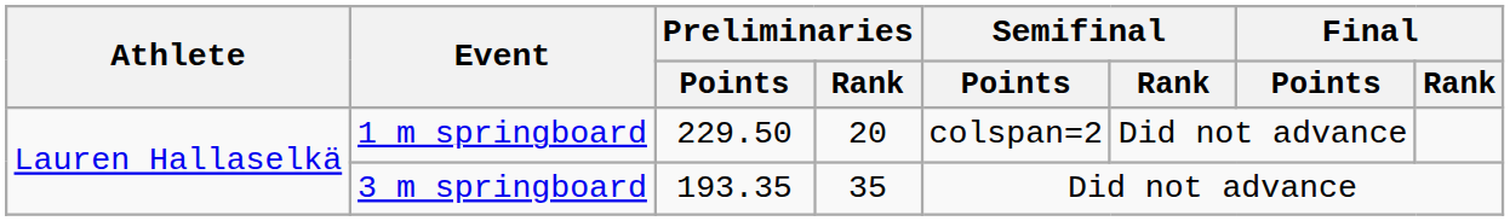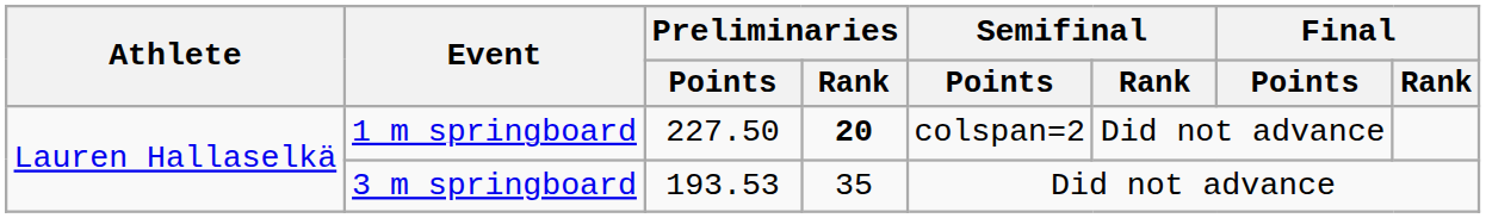 <table class="wikitable" style="text-align:center; font-size:90%;">
 <tr>
 <th rowspan=2>Athlete</th>
 <th rowspan=2>Event</th>
 <th colspan=2>Preliminaries</th>
 <th colspan=2>Semifinal</th>
 <th colspan=2>Final</th>
 </tr>
 <tr style="font-size:95%">
 <th>Points</th>
 <th>Rank</th>
 <th>Points</th>
 <th>Rank</th>
 <th>Points</th>
 <th>Rank</th>
 </tr>
 <tr>
 <td align=left rowspan=2><a href='#'>Lauren Hallaselkä</a></td>
 <td align=left><a href='#'>1 m springboard</a></td>
-<td>229.50</td>
-<td>20</td>
+<td>227.50</td>
+<td><strong>20</strong></td>
 <td>colspan=2 </td>
 <td colspan=2>Did not advance</td>
 </tr>
 <tr>
 <td align=left><a href='#'>3 m springboard</a></td>
-<td>193.35</td>
+<td>193.53</td>
 <td>35</td>
 <td colspan=4>Did not advance</td>
 </tr>
 </table>
